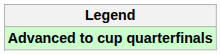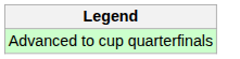 <table class="wikitable">
 <tr>
 <th>Legend</th>
 </tr>
 <tr bgcolor=ccffcc>
-<td><strong>Advanced to cup quarterfinals</strong></td>
+<td>Advanced to cup quarterfinals</td>
 </tr>
 </table>
